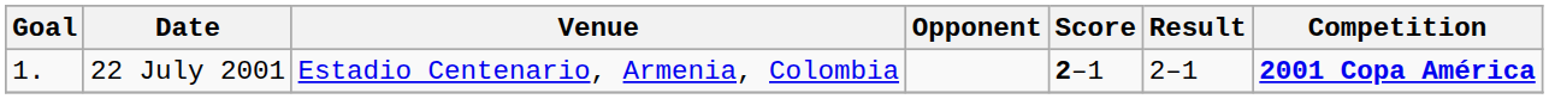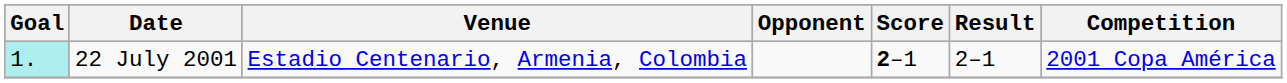 <table class="wikitable">
 <tr>
 <th>Goal</th>
 <th>Date</th>
 <th>Venue</th>
 <th>Opponent</th>
 <th>Score</th>
 <th>Result</th>
 <th>Competition</th>
 </tr>
 <tr>
-<td>1.</td>
+<td style="background: paleturquoise;">1.</td>
 <td>22 July 2001</td>
 <td><a href='#'>Estadio Centenario</a>, <a href='#'>Armenia</a>, <a href='#'>Colombia</a></td>
 <td></td>
 <td><strong>2</strong>–1</td>
 <td>2–1</td>
-<td><strong><a href='#'>2001 Copa América</a></strong></td>
+<td><a href='#'>2001 Copa América</a></td>
 </tr>
 <tr>
 </tr>
 </table>
